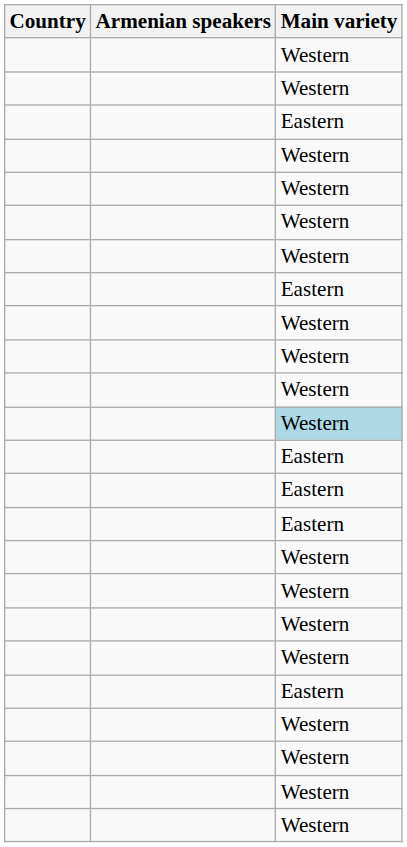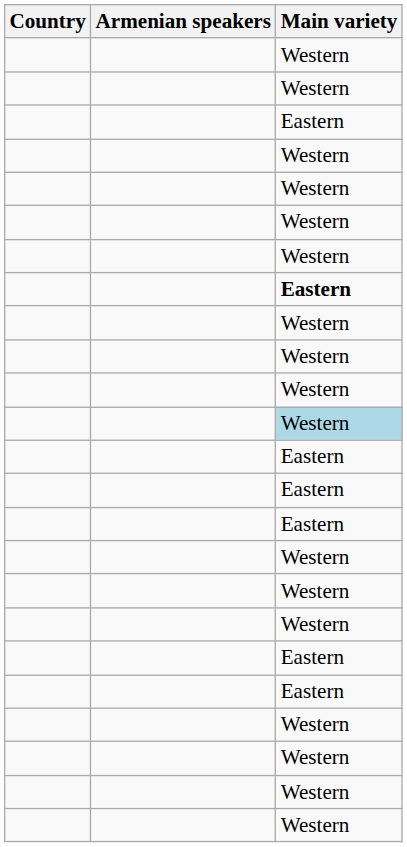 <table class="wikitable">
 <tr>
 <th>Country</th>
 <th>Armenian speakers</th>
 <th>Main variety</th>
 </tr>
 <tr>
 <td></td>
 <td></td>
 <td>Western</td>
 </tr>
 <tr>
 <td></td>
 <td></td>
 <td>Western</td>
 </tr>
 <tr>
 <td></td>
 <td></td>
 <td>Eastern</td>
 </tr>
 <tr>
 <td></td>
 <td></td>
 <td>Western</td>
 </tr>
 <tr>
 <td></td>
 <td></td>
 <td>Western</td>
 </tr>
 <tr>
 <td></td>
 <td></td>
 <td>Western</td>
 </tr>
 <tr>
 <td></td>
 <td></td>
 <td>Western</td>
 </tr>
 <tr>
 <td></td>
 <td></td>
-<td>Eastern</td>
+<td><strong>Eastern</strong></td>
 </tr>
 <tr>
 <td></td>
 <td></td>
 <td>Western</td>
 </tr>
 <tr>
 <td></td>
 <td></td>
 <td>Western</td>
 </tr>
 <tr>
 <td></td>
 <td></td>
 <td>Western</td>
 </tr>
 <tr>
 <td></td>
 <td></td>
 <td style="background: lightblue;">Western</td>
 </tr>
 <tr>
 <td></td>
 <td></td>
 <td>Eastern</td>
 </tr>
 <tr>
 <td></td>
 <td></td>
 <td>Eastern</td>
 </tr>
 <tr>
 <td></td>
 <td></td>
 <td>Eastern</td>
 </tr>
 <tr>
 <td></td>
 <td></td>
 <td>Western</td>
 </tr>
 <tr>
 <td></td>
 <td></td>
 <td>Western</td>
 </tr>
 <tr>
 <td></td>
 <td></td>
 <td>Western</td>
 </tr>
 <tr>
 <td></td>
 <td></td>
-<td>Western</td>
+<td>Eastern</td>
 </tr>
 <tr>
 <td></td>
 <td></td>
 <td>Eastern</td>
 </tr>
 <tr>
 <td></td>
 <td></td>
 <td>Western</td>
 </tr>
 <tr>
 <td></td>
 <td></td>
 <td>Western</td>
 </tr>
 <tr>
 <td></td>
 <td></td>
 <td>Western</td>
 </tr>
 <tr>
 <td></td>
 <td></td>
 <td>Western</td>
 </tr>
 </table>
